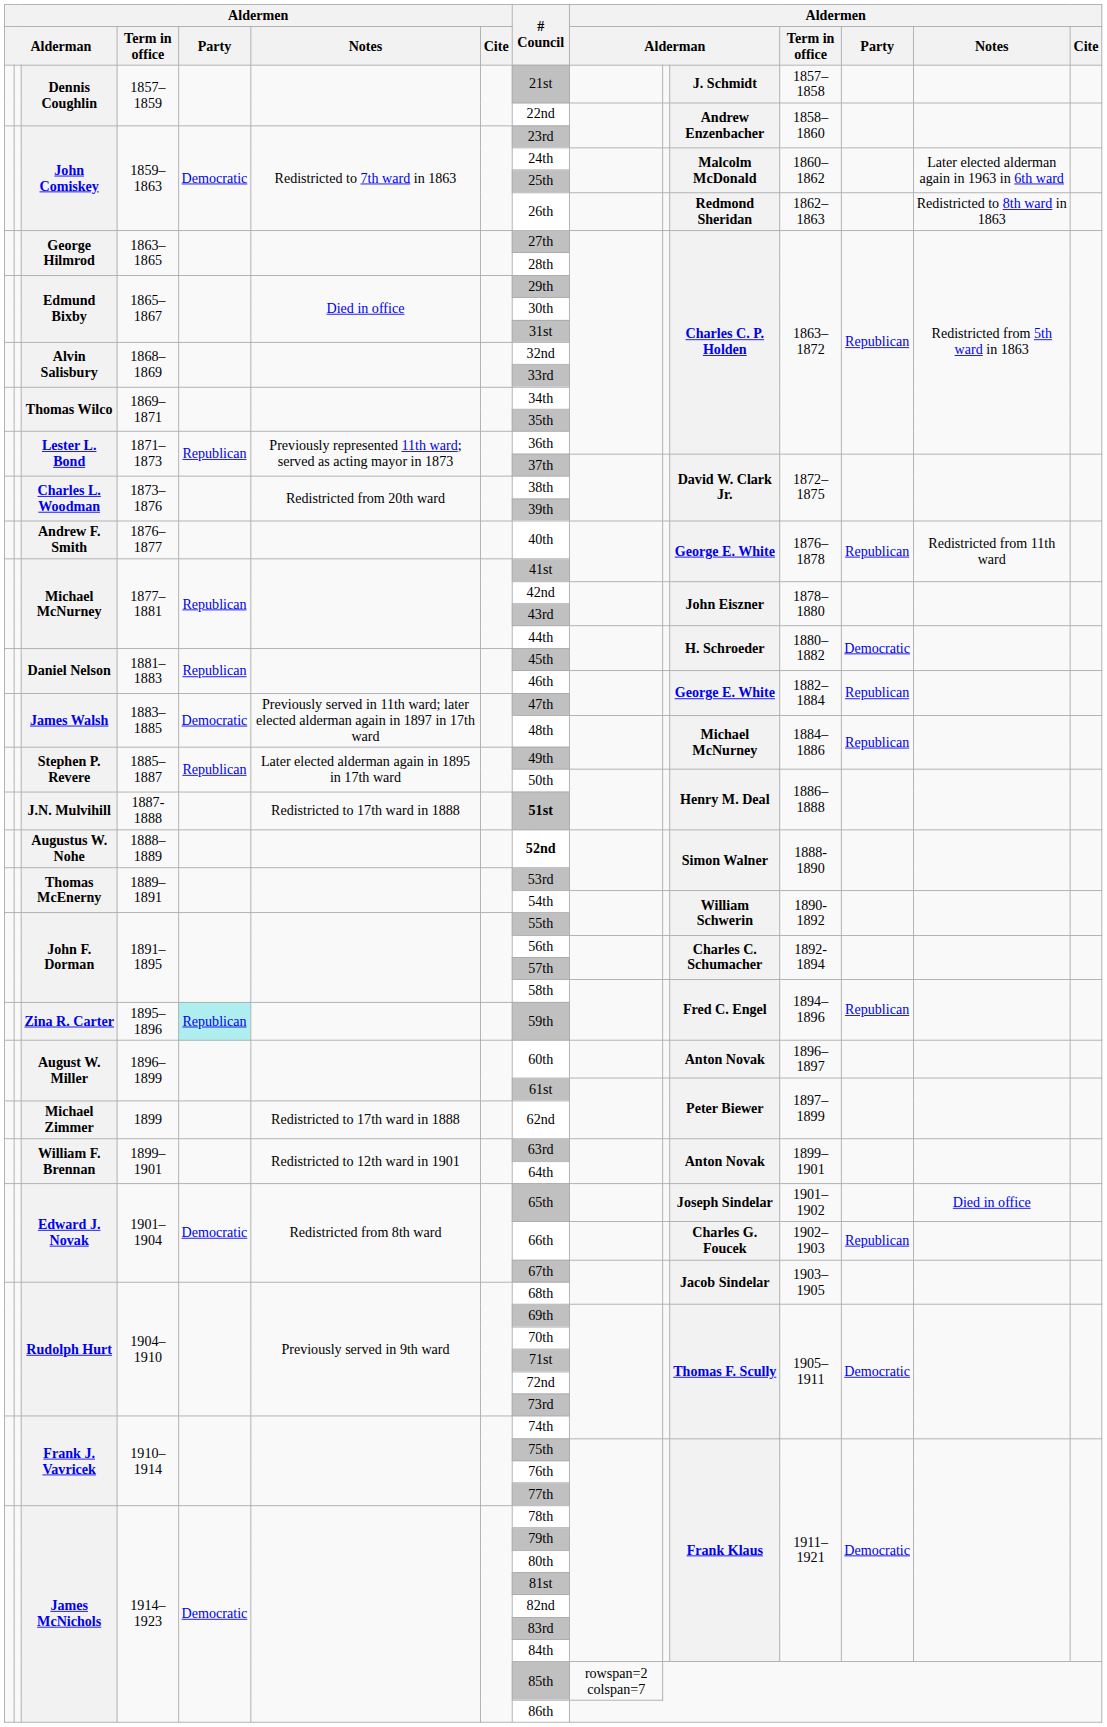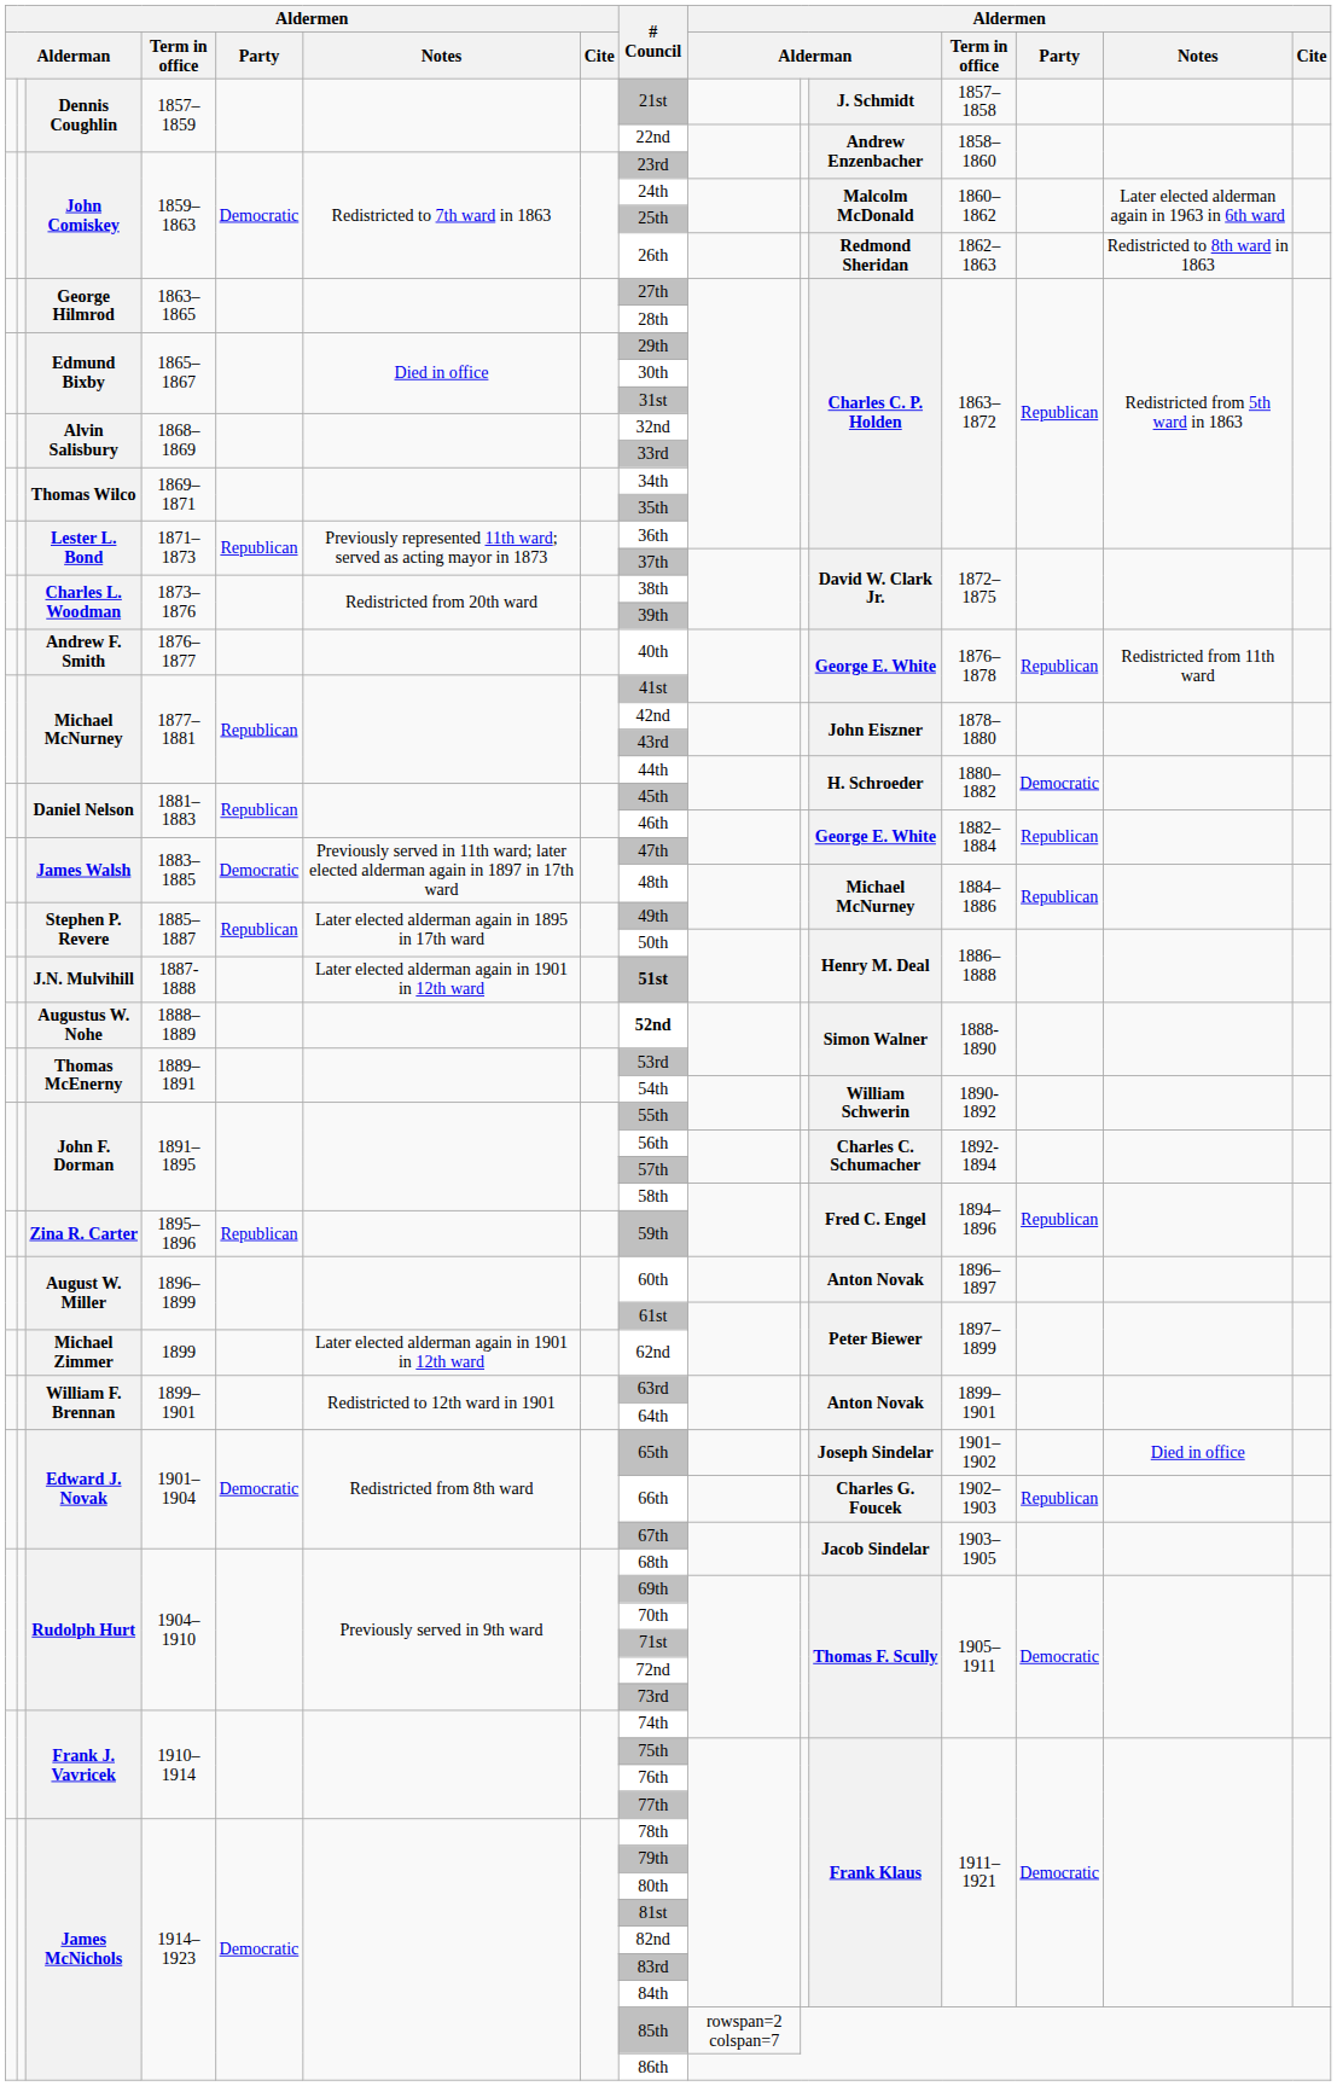 <table class="wikitable" style="text-align:center;">
 <tr>
 <th scope="col" colspan="7">Aldermen</th>
 <th rowspan=2 scope=col># Council</th>
 <th scope="col" colspan="7">Aldermen</th>
 </tr>
 <tr>
 <th scope="col" colspan="3">Alderman</th>
 <th scope="col">Term in office</th>
 <th scope="col">Party</th>
 <th scope="col">Notes</th>
 <th scope="col">Cite</th>
 <th scope="col" colspan="3">Alderman</th>
 <th scope="col">Term in office</th>
 <th scope="col">Party</th>
 <th scope="col">Notes</th>
 <th scope="col">Cite</th>
 </tr>
 <tr>
 <td rowspan=2></td>
 <td rowspan=2></td>
 <th rowspan=2 scope="row">Dennis Coughlin</th>
 <td rowspan=2>1857–1859</td>
 <td rowspan=2></td>
 <td rowspan=2></td>
 <td rowspan=2></td>
 <td style= "background-color:#C0C0C0">21st</td>
 <td></td>
 <td></td>
 <th scope="row">J. Schmidt</th>
 <td>1857–1858</td>
 <td></td>
 <td></td>
 <td></td>
 </tr>
 <tr>
 <td style= "background-color:#FFFFFF">22nd</td>
 <td rowspan=2></td>
 <td rowspan=2></td>
 <th rowspan=2 scope="row">Andrew Enzenbacher</th>
 <td rowspan=2>1858–1860</td>
 <td rowspan=2></td>
 <td rowspan=2></td>
 <td rowspan=2></td>
 </tr>
 <tr>
 <td rowspan=4> </td>
 <td rowspan=4></td>
 <th rowspan=4 scope="row"><a href='#'>John Comiskey</a></th>
 <td rowspan=4>1859–1863</td>
 <td rowspan=4><a href='#'>Democratic</a></td>
 <td rowspan=4>Redistricted to <a href='#'>7th ward</a> in 1863</td>
 <td rowspan=4></td>
 <td style= "background-color:#C0C0C0">23rd</td>
 </tr>
 <tr>
 <td style= "background-color:#FFFFFF">24th</td>
 <td rowspan=2></td>
 <td rowspan=2></td>
 <th rowspan=2 scope="row">Malcolm McDonald</th>
 <td rowspan=2>1860–1862</td>
 <td rowspan=2></td>
 <td rowspan=2>Later elected alderman again in 1963 in <a href='#'>6th ward</a></td>
 <td rowspan=2></td>
 </tr>
 <tr>
 <td style= "background-color:#C0C0C0">25th</td>
 </tr>
 <tr>
 <td style= "background-color:#FFFFFF">26th</td>
 <td></td>
 <td></td>
 <th scope="row">Redmond Sheridan</th>
 <td>1862–1863</td>
 <td></td>
 <td>Redistricted to <a href='#'>8th ward</a> in 1863</td>
 <td></td>
 </tr>
 <tr>
 <td rowspan=2></td>
 <td rowspan=2></td>
 <th rowspan=2 scope="row">George Hilmrod</th>
 <td rowspan=2>1863–1865</td>
 <td rowspan=2></td>
 <td rowspan=2></td>
 <td rowspan=2></td>
 <td style= "background-color:#C0C0C0">27th</td>
 <td rowspan=10> </td>
 <td rowspan=10></td>
 <th rowspan=10 scope="row"><a href='#'>Charles C. P. Holden</a></th>
 <td rowspan=10>1863–1872</td>
 <td rowspan=10><a href='#'>Republican</a></td>
 <td rowspan=10>Redistricted from <a href='#'>5th ward</a> in 1863</td>
 <td rowspan=10></td>
 </tr>
 <tr>
 <td style= "background-color:#FFFFFF">28th</td>
 </tr>
 <tr>
 <td rowspan=3></td>
 <td rowspan=3></td>
 <th rowspan=3 scope="row">Edmund Bixby</th>
 <td rowspan=3>1865–1867</td>
 <td rowspan=3></td>
 <td rowspan=3><a href='#'>Died in office</a></td>
 <td rowspan=3></td>
 <td style= "background-color:#C0C0C0">29th</td>
 </tr>
 <tr>
 <td style= "background-color:#FFFFFF">30th</td>
 </tr>
 <tr>
 <td style= "background-color:#C0C0C0">31st</td>
 </tr>
 <tr>
 <td rowspan=2></td>
 <td rowspan=2></td>
 <th rowspan=2 scope="row">Alvin Salisbury</th>
 <td rowspan=2>1868–1869</td>
 <td rowspan=2></td>
 <td rowspan=2></td>
 <td rowspan=2></td>
 <td style= "background-color:#FFFFFF">32nd</td>
 </tr>
 <tr>
 <td style= "background-color:#C0C0C0">33rd</td>
 </tr>
 <tr>
 <td rowspan=2></td>
 <td rowspan=2></td>
 <th rowspan=2 scope="row">Thomas Wilco</th>
 <td rowspan=2>1869–1871</td>
 <td rowspan=2></td>
 <td rowspan=2></td>
 <td rowspan=2></td>
 <td style= "background-color:#FFFFFF">34th</td>
 </tr>
 <tr>
 <td style= "background-color:#C0C0C0">35th</td>
 </tr>
 <tr>
 <td rowspan=2> </td>
 <td rowspan=2></td>
 <th rowspan=2 scope="row"><a href='#'>Lester L. Bond</a></th>
 <td rowspan=2>1871–1873</td>
 <td rowspan=2><a href='#'>Republican</a></td>
 <td rowspan=2>Previously represented <a href='#'>11th ward</a>; served as acting mayor in 1873</td>
 <td rowspan=2></td>
 <td style= "background-color:#FFFFFF">36th</td>
 </tr>
 <tr>
 <td style= "background-color:#C0C0C0">37th</td>
 <td rowspan=3></td>
 <td rowspan=3></td>
 <th rowspan=3 scope="row">David W. Clark Jr.</th>
 <td rowspan=3>1872–1875</td>
 <td rowspan=3></td>
 <td rowspan=3></td>
 <td rowspan=3></td>
 </tr>
 <tr>
 <td rowspan=2></td>
 <td rowspan=2></td>
 <th rowspan=2 scope="row"><a href='#'>Charles L. Woodman</a></th>
 <td rowspan=2>1873–1876</td>
 <td rowspan=2></td>
 <td rowspan=2>Redistricted from 20th ward</td>
 <td rowspan=2></td>
 <td style= "background-color:#FFFFFF">38th</td>
 </tr>
 <tr>
 <td style= "background-color:#C0C0C0">39th</td>
 </tr>
 <tr>
 <td></td>
 <td></td>
 <th scope="row">Andrew F. Smith</th>
 <td>1876–1877</td>
 <td></td>
 <td></td>
 <td></td>
 <td style= "background-color:#FFFFFF">40th</td>
 <td rowspan=2> </td>
 <td rowspan=2></td>
 <th rowspan=2 scope="row"><a href='#'>George E. White</a></th>
 <td rowspan=2>1876–1878</td>
 <td rowspan=2><a href='#'>Republican</a></td>
 <td rowspan=2>Redistricted from 11th ward</td>
 <td rowspan=2></td>
 </tr>
 <tr>
 <td rowspan=4> </td>
 <td rowspan=4></td>
 <th rowspan=4 scope="row">Michael McNurney</th>
 <td rowspan=4>1877–1881</td>
 <td rowspan=4><a href='#'>Republican</a></td>
 <td rowspan=4></td>
 <td rowspan=4></td>
 <td style= "background-color:#C0C0C0">41st</td>
 </tr>
 <tr>
 <td style= "background-color:#FFFFFF">42nd</td>
 <td rowspan=2></td>
 <td rowspan=2></td>
 <th rowspan=2 scope="row">John Eiszner</th>
 <td rowspan=2>1878–1880</td>
 <td rowspan=2></td>
 <td rowspan=2></td>
 <td rowspan=2></td>
 </tr>
 <tr>
 <td style= "background-color:#C0C0C0">43rd</td>
 </tr>
 <tr>
 <td style= "background-color:#FFFFFF">44th</td>
 <td rowspan=2> </td>
 <td rowspan=2></td>
 <th rowspan=2 scope="row">H. Schroeder</th>
 <td rowspan=2>1880–1882</td>
 <td rowspan=2><a href='#'>Democratic</a></td>
 <td rowspan=2></td>
 <td rowspan=2></td>
 </tr>
 <tr>
 <td rowspan=2> </td>
 <td rowspan=2></td>
 <th rowspan=2 scope="row">Daniel Nelson</th>
 <td rowspan=2>1881–1883</td>
 <td rowspan=2><a href='#'>Republican</a></td>
 <td rowspan=2></td>
 <td rowspan=2></td>
 <td style= "background-color:#C0C0C0">45th</td>
 </tr>
 <tr>
 <td style= "background-color:#FFFFFF">46th</td>
 <td rowspan=2> </td>
 <td rowspan=2></td>
 <th rowspan=2 scope="row"><a href='#'>George E. White</a></th>
 <td rowspan=2>1882–1884</td>
 <td rowspan=2><a href='#'>Republican</a></td>
 <td rowspan=2></td>
 <td rowspan=2></td>
 </tr>
 <tr>
 <td rowspan=2> </td>
 <td rowspan=2></td>
 <th rowspan=2 scope="row"><a href='#'>James Walsh</a></th>
 <td rowspan=2>1883–1885</td>
 <td rowspan=2><a href='#'>Democratic</a></td>
 <td rowspan=2>Previously served in 11th ward; later elected alderman again in 1897 in 17th ward</td>
 <td rowspan=2></td>
 <td style= "background-color:#C0C0C0">47th</td>
 </tr>
 <tr>
 <td style= "background-color:#FFFFFF">48th</td>
 <td rowspan=2> </td>
 <td rowspan=2></td>
 <th rowspan=2 scope="row">Michael McNurney</th>
 <td rowspan=2>1884–1886</td>
 <td rowspan=2><a href='#'>Republican</a></td>
 <td rowspan=2></td>
 <td rowspan=2></td>
 </tr>
 <tr>
 <td rowspan=2> </td>
 <td rowspan=2></td>
 <th rowspan=2 scope="row">Stephen P. Revere</th>
 <td rowspan=2>1885–1887</td>
 <td rowspan=2><a href='#'>Republican</a></td>
 <td rowspan=2>Later elected alderman again in 1895 in 17th ward</td>
 <td rowspan=2></td>
 <td style= "background-color:#C0C0C0">49th</td>
 </tr>
 <tr>
 <td style= "background-color:#FFFFFF">50th</td>
 <td rowspan=2> </td>
 <td rowspan=2></td>
 <th rowspan=2 scope="row">Henry M. Deal</th>
 <td rowspan=2>1886–1888</td>
 <td rowspan=2></td>
 <td rowspan=2></td>
 <td rowspan=2></td>
 </tr>
 <tr>
 <td></td>
 <td></td>
 <th scope="row">J.N. Mulvihill</th>
 <td>1887-1888</td>
 <td></td>
-<td>Redistricted to 17th ward in 1888</td>
+<td>Later elected alderman again in 1901 in <a href='#'>12th ward</a></td>
 <td></td>
 <td style= "background-color:#C0C0C0"><strong>51st</strong></td>
 </tr>
 <tr>
 <td></td>
 <td></td>
 <th scope="row">Augustus W. Nohe</th>
 <td>1888–1889</td>
 <td></td>
 <td></td>
 <td></td>
 <td style= "background-color:#FFFFFF"><strong>52nd</strong></td>
 <td rowspan=2></td>
 <td rowspan=2></td>
 <th rowspan=2 scope="row">Simon Walner</th>
 <td rowspan=2>1888-1890</td>
 <td rowspan=2></td>
 <td rowspan=2></td>
 <td rowspan=2></td>
 </tr>
 <tr>
 <td rowspan=2></td>
 <td rowspan=2></td>
 <th rowspan=2 scope="row">Thomas McEnerny</th>
 <td rowspan=2>1889–1891</td>
 <td rowspan=2></td>
 <td rowspan=2></td>
 <td rowspan=2></td>
 <td style= "background-color:#C0C0C0">53rd</td>
 </tr>
 <tr>
 <td style= "background-color:#FFFFFF">54th</td>
 <td rowspan=2></td>
 <td rowspan=2></td>
 <th rowspan=2 scope="row">William Schwerin</th>
 <td rowspan=2>1890-1892</td>
 <td rowspan=2></td>
 <td rowspan=2></td>
 <td rowspan=2></td>
 </tr>
 <tr>
 <td rowspan=4></td>
 <td rowspan=4></td>
 <th rowspan=4 scope="row">John F. Dorman</th>
 <td rowspan=4>1891–1895</td>
 <td rowspan=4></td>
 <td rowspan=4></td>
 <td rowspan=4></td>
 <td style= "background-color:#C0C0C0">55th</td>
 </tr>
 <tr>
 <td style= "background-color:#FFFFFF">56th</td>
 <td rowspan=2></td>
 <td rowspan=2></td>
 <th rowspan=2 scope="row">Charles C. Schumacher</th>
 <td rowspan=2>1892-1894</td>
 <td rowspan=2></td>
 <td rowspan=2></td>
 <td rowspan=2></td>
 </tr>
 <tr>
 <td style= "background-color:#C0C0C0">57th</td>
 </tr>
 <tr>
 <td style= "background-color:#FFFFFF">58th</td>
 <td rowspan=2> </td>
 <td rowspan=2></td>
 <th rowspan=2 scope="row">Fred C. Engel</th>
 <td rowspan=2>1894–1896</td>
 <td rowspan=2><a href='#'>Republican</a></td>
 <td rowspan=2></td>
 <td rowspan=2></td>
 </tr>
 <tr>
 <td> </td>
 <td></td>
 <th scope="row"><a href='#'>Zina R. Carter</a></th>
 <td>1895–1896</td>
-<td style="background: paleturquoise;"><a href='#'>Republican</a></td>
+<td><a href='#'>Republican</a></td>
 <td></td>
 <td></td>
 <td style= "background-color:#C0C0C0">59th</td>
 </tr>
 <tr>
 <td rowspan=3></td>
 <td rowspan=3></td>
 <th rowspan=3 scope="row">August W. Miller</th>
 <td rowspan=3>1896–1899</td>
 <td rowspan=3></td>
 <td rowspan=3></td>
 <td rowspan=3></td>
 <td style= "background-color:#FFFFFF">60th</td>
 <td></td>
 <td></td>
 <th scope="row">Anton Novak</th>
 <td>1896–1897</td>
 <td></td>
 <td></td>
 <td></td>
 </tr>
 <tr>
 <td style= "background-color:#C0C0C0">61st</td>
 <td rowspan=3></td>
 <td rowspan=3></td>
 <th rowspan=3 scope="row">Peter Biewer</th>
 <td rowspan=3>1897–1899</td>
 <td rowspan=3></td>
 <td rowspan=3></td>
 <td rowspan=3></td>
 </tr>
 <tr>
 <td rowspan=2 style= "background-color:#FFFFFF">62nd</td>
 </tr>
 <tr>
 <td></td>
 <td></td>
 <th scope="row">Michael Zimmer</th>
 <td>1899</td>
 <td></td>
-<td>Redistricted to 17th ward in 1888</td>
+<td>Later elected alderman again in 1901 in <a href='#'>12th ward</a></td>
 <td></td>
 </tr>
 <tr>
 <td rowspan=2></td>
 <td rowspan=2></td>
 <th rowspan=2 scope="row">William F. Brennan</th>
 <td rowspan=2>1899–1901</td>
 <td rowspan=2></td>
 <td rowspan=2>Redistricted to 12th ward in 1901</td>
 <td rowspan=2></td>
 <td style= "background-color:#C0C0C0">63rd</td>
 <td rowspan=2></td>
 <td rowspan=2></td>
 <th rowspan=2 scope="row">Anton Novak</th>
 <td rowspan=2>1899–1901</td>
 <td rowspan=2></td>
 <td rowspan=2></td>
 <td rowspan=2></td>
 </tr>
 <tr>
 <td style= "background-color:#FFFFFF">64th</td>
 </tr>
 <tr>
 <td rowspan=3> </td>
 <td rowspan=3></td>
 <th rowspan=3 scope="row"><a href='#'>Edward J. Novak</a></th>
 <td rowspan=3>1901–1904</td>
 <td rowspan=3><a href='#'>Democratic</a></td>
 <td rowspan=3>Redistricted from 8th ward</td>
 <td rowspan=3></td>
 <td style= "background-color:#C0C0C0">65th</td>
 <td></td>
 <td></td>
 <th scope="row">Joseph Sindelar</th>
 <td>1901–1902</td>
 <td></td>
 <td><a href='#'>Died in office</a></td>
 <td></td>
 </tr>
 <tr>
 <td style= "background-color:#FFFFFF">66th</td>
 <td> </td>
 <td></td>
 <th scope="row">Charles G. Foucek</th>
 <td>1902–1903</td>
 <td><a href='#'>Republican</a></td>
 <td></td>
 <td></td>
 </tr>
 <tr>
 <td style= "background-color:#C0C0C0">67th</td>
 <td rowspan=2></td>
 <td rowspan=2></td>
 <th rowspan=2 scope="row">Jacob Sindelar</th>
 <td rowspan=2>1903–1905</td>
 <td rowspan=2></td>
 <td rowspan=2></td>
 <td rowspan=2></td>
 </tr>
 <tr>
 <td rowspan=6></td>
 <td rowspan=6></td>
 <th rowspan=6 scope="row"><a href='#'>Rudolph Hurt</a></th>
 <td rowspan=6>1904–1910</td>
 <td rowspan=6></td>
 <td rowspan=6>Previously served in 9th ward</td>
 <td rowspan=6></td>
 <td style= "background-color:#FFFFFF">68th</td>
 </tr>
 <tr>
 <td style= "background-color:#C0C0C0">69th</td>
 <td rowspan=6> </td>
 <td rowspan=6></td>
 <th rowspan=6 scope="row"><a href='#'>Thomas F. Scully</a></th>
 <td rowspan=6>1905–1911</td>
 <td rowspan=6><a href='#'>Democratic</a></td>
 <td rowspan=6></td>
 <td rowspan=6></td>
 </tr>
 <tr>
 <td style= "background-color:#FFFFFF">70th</td>
 </tr>
 <tr>
 <td style= "background-color:#C0C0C0">71st</td>
 </tr>
 <tr>
 <td style= "background-color:#FFFFFF">72nd</td>
 </tr>
 <tr>
 <td style= "background-color:#C0C0C0">73rd</td>
 </tr>
 <tr>
 <td rowspan=4></td>
 <td rowspan=4></td>
 <th rowspan=4 scope="row"><a href='#'>Frank J. Vavricek</a></th>
 <td rowspan=4>1910–1914</td>
 <td rowspan=4></td>
 <td rowspan=4></td>
 <td rowspan=4></td>
 <td style= "background-color:#FFFFFF">74th</td>
 </tr>
 <tr>
 <td style= "background-color:#C0C0C0">75th</td>
 <td rowspan=10> </td>
 <td rowspan=10></td>
 <th rowspan=10 scope="row"><a href='#'>Frank Klaus</a></th>
 <td rowspan=10>1911–1921</td>
 <td rowspan=10><a href='#'>Democratic</a></td>
 <td rowspan=10></td>
 <td rowspan=10></td>
 </tr>
 <tr>
 <td style= "background-color:#FFFFFF">76th</td>
 </tr>
 <tr>
 <td style= "background-color:#C0C0C0">77th</td>
 </tr>
 <tr>
 <td rowspan=9> </td>
 <td rowspan=9></td>
 <th rowspan=9 scope="row"><a href='#'>James McNichols</a></th>
 <td rowspan=9>1914–1923</td>
 <td rowspan=9><a href='#'>Democratic</a></td>
 <td rowspan=9></td>
 <td rowspan=9></td>
 <td style= "background-color:#FFFFFF">78th</td>
 </tr>
 <tr>
 <td style= "background-color:#C0C0C0">79th</td>
 </tr>
 <tr>
 <td style= "background-color:#FFFFFF">80th</td>
 </tr>
 <tr>
 <td style= "background-color:#C0C0C0">81st</td>
 </tr>
 <tr>
 <td style= "background-color:#FFFFFF">82nd</td>
 </tr>
 <tr>
 <td style= "background-color:#C0C0C0">83rd</td>
 </tr>
 <tr>
 <td style= "background-color:#FFFFFF">84th</td>
 </tr>
 <tr>
 <td style= "background-color:#C0C0C0">85th</td>
 <td>rowspan=2 colspan=7 </td>
 </tr>
 <tr>
 <td style= "background-color:#FFFFFF">86th</td>
 </tr>
 </table>
